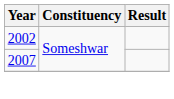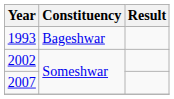 <table class="sortable wikitable">
 <tr>
 <th>Year</th>
 <th>Constituency</th>
 <th>Result</th>
+</tr>
+<tr>
+<td><a href='#'>1993</a></td>
+<td><a href='#'>Bageshwar</a></td>
+<td></td>
 </tr>
 <tr>
 <td><a href='#'>2002</a></td>
 <td rowspan=2><a href='#'>Someshwar</a></td>
 <td></td>
 </tr>
 <tr>
 <td><a href='#'>2007</a></td>
 <td></td>
 </tr>
 <tr>
 </tr>
 </table>
